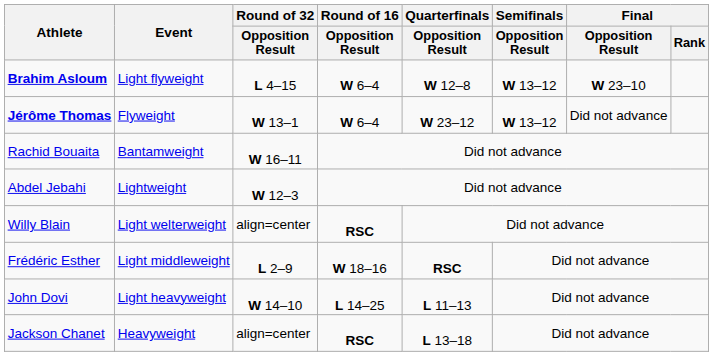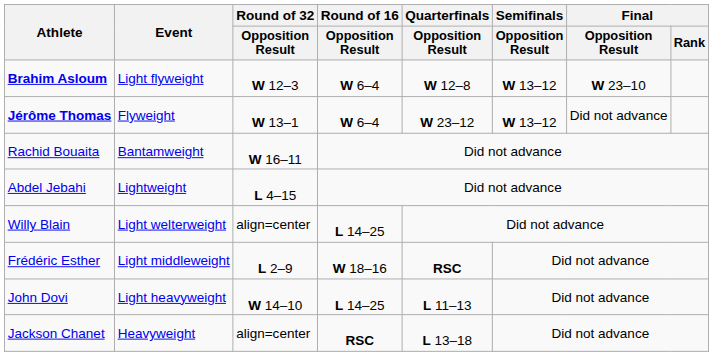 <table class="wikitable" style="font-size:90%">
 <tr>
 <th rowspan="2">Athlete</th>
 <th rowspan="2">Event</th>
 <th>Round of 32</th>
 <th>Round of 16</th>
 <th>Quarterfinals</th>
 <th>Semifinals</th>
 <th colspan=2>Final</th>
 </tr>
 <tr style="font-size:95%">
 <th>Opposition<br>Result</th>
 <th>Opposition<br>Result</th>
 <th>Opposition<br>Result</th>
 <th>Opposition<br>Result</th>
 <th>Opposition<br>Result</th>
 <th>Rank</th>
 </tr>
 <tr>
 <td align=left><strong><a href='#'>Brahim Asloum</a></strong></td>
 <td align=left><a href='#'>Light flyweight</a></td>
-<td align=center><br><strong>L</strong> 4–15</td>
+<td align=center><br><strong>W</strong> 12–3</td>
 <td align=center><br><strong>W</strong> 6–4</td>
 <td align=center><br><strong>W</strong> 12–8</td>
 <td align=center><br><strong>W</strong> 13–12</td>
 <td align=center><br><strong>W</strong> 23–10</td>
 <td align=center></td>
 </tr>
 <tr>
 <td align=left><strong><a href='#'>Jérôme Thomas</a></strong></td>
 <td align=left><a href='#'>Flyweight</a></td>
 <td align=center><br><strong>W</strong> 13–1</td>
 <td align=center><br><strong>W</strong> 6–4</td>
 <td align=center><br><strong>W</strong> 23–12</td>
 <td align=center><br><strong>W</strong> 13–12</td>
 <td align=center>Did not advance</td>
 <td align=center></td>
 </tr>
 <tr>
 <td align=left><a href='#'>Rachid Bouaita</a></td>
 <td align=left><a href='#'>Bantamweight</a></td>
 <td align=center><br><strong>W</strong> 16–11</td>
 <td align=center colspan=5>Did not advance</td>
 </tr>
 <tr>
 <td align=left><a href='#'>Abdel Jebahi</a></td>
 <td align=left><a href='#'>Lightweight</a></td>
-<td align=center><br><strong>W</strong> 12–3</td>
+<td align=center><br><strong>L</strong> 4–15</td>
 <td align=center colspan=5>Did not advance</td>
 </tr>
 <tr>
 <td align=left><a href='#'>Willy Blain</a></td>
 <td align=left><a href='#'>Light welterweight</a></td>
 <td>align=center </td>
-<td align=center><br><strong>RSC</strong></td>
+<td align=center><br><strong>L</strong> 14–25</td>
 <td align=center colspan=4>Did not advance</td>
 </tr>
 <tr>
 <td align=left><a href='#'>Frédéric Esther</a></td>
 <td align=left><a href='#'>Light middleweight</a></td>
 <td align=center><br><strong>L</strong> 2–9</td>
 <td align=center><br><strong>W</strong> 18–16</td>
 <td align=center><br><strong>RSC</strong></td>
 <td align=center colspan=3>Did not advance</td>
 </tr>
 <tr>
 <td align=left><a href='#'>John Dovi</a></td>
 <td align=left><a href='#'>Light heavyweight</a></td>
 <td align=center><br><strong>W</strong> 14–10</td>
 <td align=center><br><strong>L</strong> 14–25</td>
 <td align=center><br><strong>L</strong> 11–13</td>
 <td align=center colspan=3>Did not advance</td>
 </tr>
 <tr>
 <td align=left><a href='#'>Jackson Chanet</a></td>
 <td align=left><a href='#'>Heavyweight</a></td>
 <td>align=center </td>
 <td align=center><br><strong>RSC</strong></td>
 <td align=center><br><strong>L</strong> 13–18</td>
 <td align=center colspan=3>Did not advance</td>
 </tr>
 </table>
